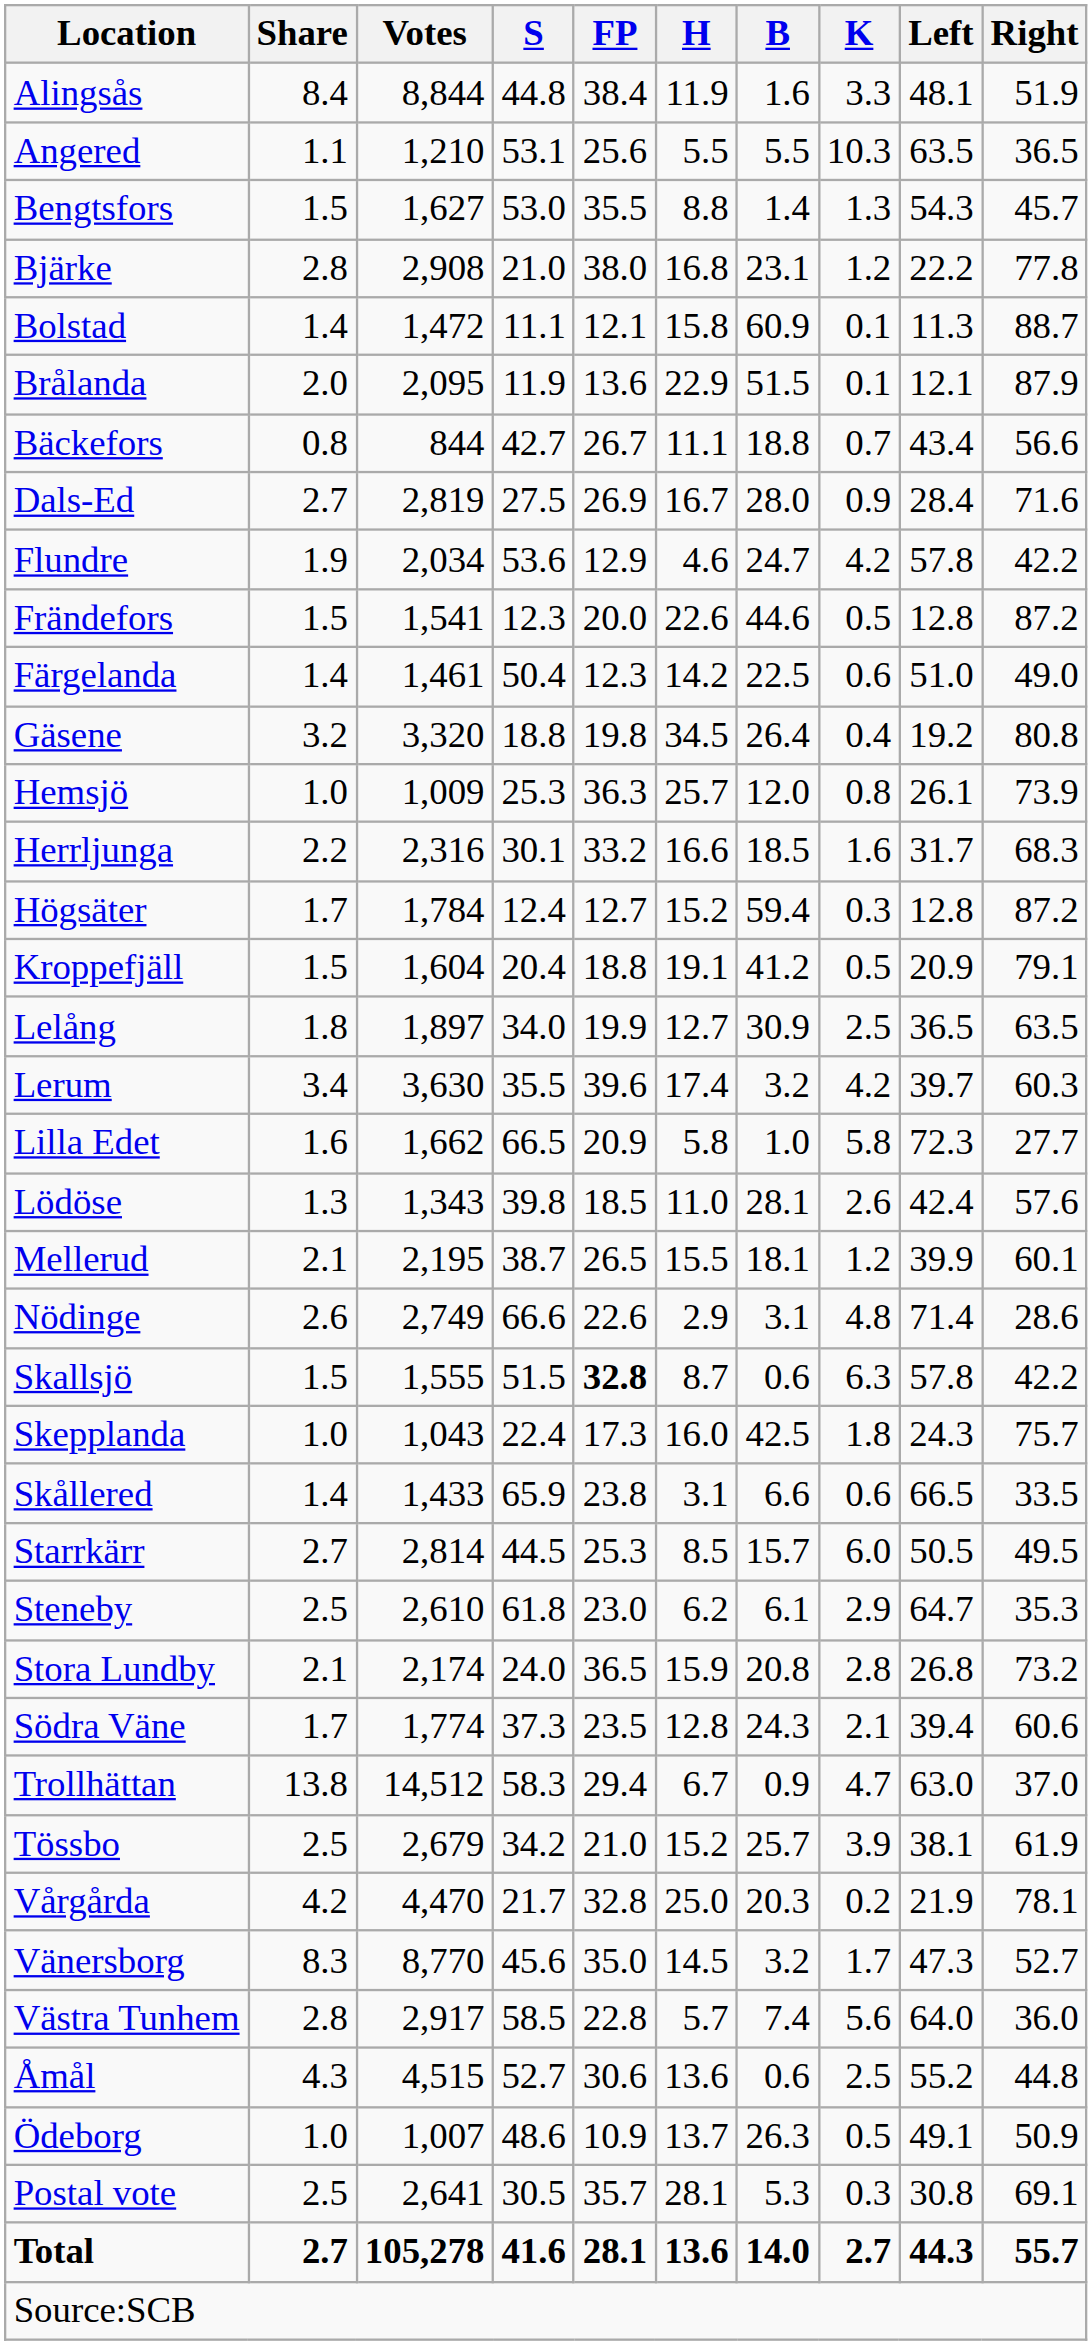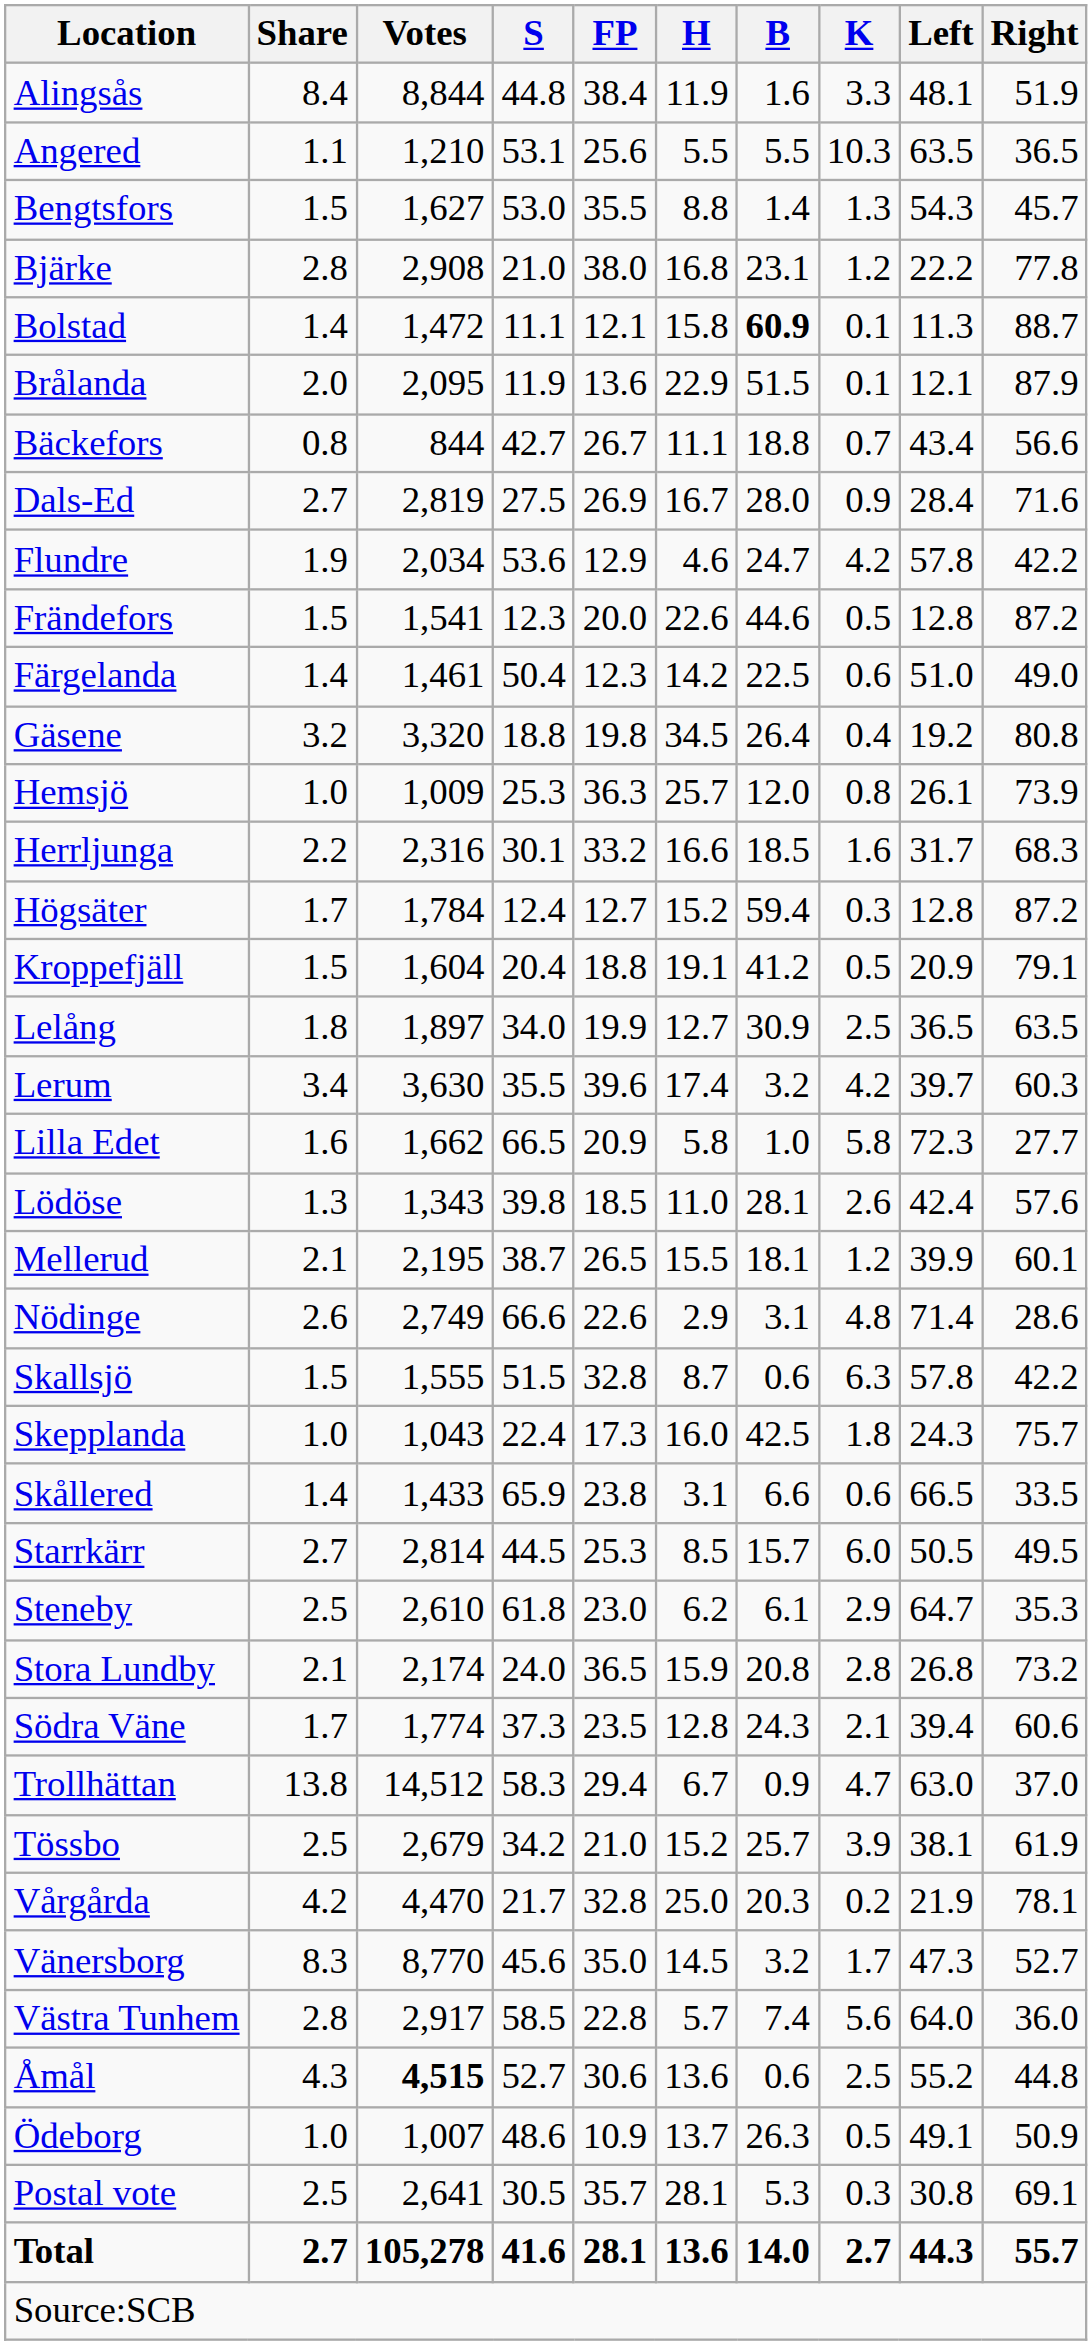 <table class="wikitable sortable" style=text-align:right>
 <tr>
 <th>Location</th>
 <th>Share</th>
 <th>Votes</th>
 <th><a href='#'>S</a></th>
 <th><a href='#'>FP</a></th>
 <th><a href='#'>H</a></th>
 <th><a href='#'>B</a></th>
 <th><a href='#'>K</a></th>
 <th>Left</th>
 <th>Right</th>
 </tr>
 <tr>
 <td align=left><a href='#'>Alingsås</a></td>
 <td>8.4</td>
 <td>8,844</td>
 <td>44.8</td>
 <td>38.4</td>
 <td>11.9</td>
 <td>1.6</td>
 <td>3.3</td>
 <td>48.1</td>
 <td>51.9</td>
 </tr>
 <tr>
 <td align=left><a href='#'>Angered</a></td>
 <td>1.1</td>
 <td>1,210</td>
 <td>53.1</td>
 <td>25.6</td>
 <td>5.5</td>
 <td>5.5</td>
 <td>10.3</td>
 <td>63.5</td>
 <td>36.5</td>
 </tr>
 <tr>
 <td align=left><a href='#'>Bengtsfors</a></td>
 <td>1.5</td>
 <td>1,627</td>
 <td>53.0</td>
 <td>35.5</td>
 <td>8.8</td>
 <td>1.4</td>
 <td>1.3</td>
 <td>54.3</td>
 <td>45.7</td>
 </tr>
 <tr>
 <td align=left><a href='#'>Bjärke</a></td>
 <td>2.8</td>
 <td>2,908</td>
 <td>21.0</td>
 <td>38.0</td>
 <td>16.8</td>
 <td>23.1</td>
 <td>1.2</td>
 <td>22.2</td>
 <td>77.8</td>
 </tr>
 <tr>
 <td align=left><a href='#'>Bolstad</a></td>
 <td>1.4</td>
 <td>1,472</td>
 <td>11.1</td>
 <td>12.1</td>
 <td>15.8</td>
-<td>60.9</td>
+<td><strong>60.9</strong></td>
 <td>0.1</td>
 <td>11.3</td>
 <td>88.7</td>
 </tr>
 <tr>
 <td align=left><a href='#'>Brålanda</a></td>
 <td>2.0</td>
 <td>2,095</td>
 <td>11.9</td>
 <td>13.6</td>
 <td>22.9</td>
 <td>51.5</td>
 <td>0.1</td>
 <td>12.1</td>
 <td>87.9</td>
 </tr>
 <tr>
 <td align=left><a href='#'>Bäckefors</a></td>
 <td>0.8</td>
 <td>844</td>
 <td>42.7</td>
 <td>26.7</td>
 <td>11.1</td>
 <td>18.8</td>
 <td>0.7</td>
 <td>43.4</td>
 <td>56.6</td>
 </tr>
 <tr>
 <td align=left><a href='#'>Dals-Ed</a></td>
 <td>2.7</td>
 <td>2,819</td>
 <td>27.5</td>
 <td>26.9</td>
 <td>16.7</td>
 <td>28.0</td>
 <td>0.9</td>
 <td>28.4</td>
 <td>71.6</td>
 </tr>
 <tr>
 <td align=left><a href='#'>Flundre</a></td>
 <td>1.9</td>
 <td>2,034</td>
 <td>53.6</td>
 <td>12.9</td>
 <td>4.6</td>
 <td>24.7</td>
 <td>4.2</td>
 <td>57.8</td>
 <td>42.2</td>
 </tr>
 <tr>
 <td align=left><a href='#'>Frändefors</a></td>
 <td>1.5</td>
 <td>1,541</td>
 <td>12.3</td>
 <td>20.0</td>
 <td>22.6</td>
 <td>44.6</td>
 <td>0.5</td>
 <td>12.8</td>
 <td>87.2</td>
 </tr>
 <tr>
 <td align=left><a href='#'>Färgelanda</a></td>
 <td>1.4</td>
 <td>1,461</td>
 <td>50.4</td>
 <td>12.3</td>
 <td>14.2</td>
 <td>22.5</td>
 <td>0.6</td>
 <td>51.0</td>
 <td>49.0</td>
 </tr>
 <tr>
 <td align=left><a href='#'>Gäsene</a></td>
 <td>3.2</td>
 <td>3,320</td>
 <td>18.8</td>
 <td>19.8</td>
 <td>34.5</td>
 <td>26.4</td>
 <td>0.4</td>
 <td>19.2</td>
 <td>80.8</td>
 </tr>
 <tr>
 <td align=left><a href='#'>Hemsjö</a></td>
 <td>1.0</td>
 <td>1,009</td>
 <td>25.3</td>
 <td>36.3</td>
 <td>25.7</td>
 <td>12.0</td>
 <td>0.8</td>
 <td>26.1</td>
 <td>73.9</td>
 </tr>
 <tr>
 <td align=left><a href='#'>Herrljunga</a></td>
 <td>2.2</td>
 <td>2,316</td>
 <td>30.1</td>
 <td>33.2</td>
 <td>16.6</td>
 <td>18.5</td>
 <td>1.6</td>
 <td>31.7</td>
 <td>68.3</td>
 </tr>
 <tr>
 <td align=left><a href='#'>Högsäter</a></td>
 <td>1.7</td>
 <td>1,784</td>
 <td>12.4</td>
 <td>12.7</td>
 <td>15.2</td>
 <td>59.4</td>
 <td>0.3</td>
 <td>12.8</td>
 <td>87.2</td>
 </tr>
 <tr>
 <td align=left><a href='#'>Kroppefjäll</a></td>
 <td>1.5</td>
 <td>1,604</td>
 <td>20.4</td>
 <td>18.8</td>
 <td>19.1</td>
 <td>41.2</td>
 <td>0.5</td>
 <td>20.9</td>
 <td>79.1</td>
 </tr>
 <tr>
 <td align=left><a href='#'>Lelång</a></td>
 <td>1.8</td>
 <td>1,897</td>
 <td>34.0</td>
 <td>19.9</td>
 <td>12.7</td>
 <td>30.9</td>
 <td>2.5</td>
 <td>36.5</td>
 <td>63.5</td>
 </tr>
 <tr>
 <td align=left><a href='#'>Lerum</a></td>
 <td>3.4</td>
 <td>3,630</td>
 <td>35.5</td>
 <td>39.6</td>
 <td>17.4</td>
 <td>3.2</td>
 <td>4.2</td>
 <td>39.7</td>
 <td>60.3</td>
 </tr>
 <tr>
 <td align=left><a href='#'>Lilla Edet</a></td>
 <td>1.6</td>
 <td>1,662</td>
 <td>66.5</td>
 <td>20.9</td>
 <td>5.8</td>
 <td>1.0</td>
 <td>5.8</td>
 <td>72.3</td>
 <td>27.7</td>
 </tr>
 <tr>
 <td align=left><a href='#'>Lödöse</a></td>
 <td>1.3</td>
 <td>1,343</td>
 <td>39.8</td>
 <td>18.5</td>
 <td>11.0</td>
 <td>28.1</td>
 <td>2.6</td>
 <td>42.4</td>
 <td>57.6</td>
 </tr>
 <tr>
 <td align=left><a href='#'>Mellerud</a></td>
 <td>2.1</td>
 <td>2,195</td>
 <td>38.7</td>
 <td>26.5</td>
 <td>15.5</td>
 <td>18.1</td>
 <td>1.2</td>
 <td>39.9</td>
 <td>60.1</td>
 </tr>
 <tr>
 <td align=left><a href='#'>Nödinge</a></td>
 <td>2.6</td>
 <td>2,749</td>
 <td>66.6</td>
 <td>22.6</td>
 <td>2.9</td>
 <td>3.1</td>
 <td>4.8</td>
 <td>71.4</td>
 <td>28.6</td>
 </tr>
 <tr>
 <td align=left><a href='#'>Skallsjö</a></td>
 <td>1.5</td>
 <td>1,555</td>
 <td>51.5</td>
-<td><strong>32.8</strong></td>
+<td>32.8</td>
 <td>8.7</td>
 <td>0.6</td>
 <td>6.3</td>
 <td>57.8</td>
 <td>42.2</td>
 </tr>
 <tr>
 <td align=left><a href='#'>Skepplanda</a></td>
 <td>1.0</td>
 <td>1,043</td>
 <td>22.4</td>
 <td>17.3</td>
 <td>16.0</td>
 <td>42.5</td>
 <td>1.8</td>
 <td>24.3</td>
 <td>75.7</td>
 </tr>
 <tr>
 <td align=left><a href='#'>Skållered</a></td>
 <td>1.4</td>
 <td>1,433</td>
 <td>65.9</td>
 <td>23.8</td>
 <td>3.1</td>
 <td>6.6</td>
 <td>0.6</td>
 <td>66.5</td>
 <td>33.5</td>
 </tr>
 <tr>
 <td align=left><a href='#'>Starrkärr</a></td>
 <td>2.7</td>
 <td>2,814</td>
 <td>44.5</td>
 <td>25.3</td>
 <td>8.5</td>
 <td>15.7</td>
 <td>6.0</td>
 <td>50.5</td>
 <td>49.5</td>
 </tr>
 <tr>
 <td align=left><a href='#'>Steneby</a></td>
 <td>2.5</td>
 <td>2,610</td>
 <td>61.8</td>
 <td>23.0</td>
 <td>6.2</td>
 <td>6.1</td>
 <td>2.9</td>
 <td>64.7</td>
 <td>35.3</td>
 </tr>
 <tr>
 <td align=left><a href='#'>Stora Lundby</a></td>
 <td>2.1</td>
 <td>2,174</td>
 <td>24.0</td>
 <td>36.5</td>
 <td>15.9</td>
 <td>20.8</td>
 <td>2.8</td>
 <td>26.8</td>
 <td>73.2</td>
 </tr>
 <tr>
 <td align=left><a href='#'>Södra Väne</a></td>
 <td>1.7</td>
 <td>1,774</td>
 <td>37.3</td>
 <td>23.5</td>
 <td>12.8</td>
 <td>24.3</td>
 <td>2.1</td>
 <td>39.4</td>
 <td>60.6</td>
 </tr>
 <tr>
 <td align=left><a href='#'>Trollhättan</a></td>
 <td>13.8</td>
 <td>14,512</td>
 <td>58.3</td>
 <td>29.4</td>
 <td>6.7</td>
 <td>0.9</td>
 <td>4.7</td>
 <td>63.0</td>
 <td>37.0</td>
 </tr>
 <tr>
 <td align=left><a href='#'>Tössbo</a></td>
 <td>2.5</td>
 <td>2,679</td>
 <td>34.2</td>
 <td>21.0</td>
 <td>15.2</td>
 <td>25.7</td>
 <td>3.9</td>
 <td>38.1</td>
 <td>61.9</td>
 </tr>
 <tr>
 <td align=left><a href='#'>Vårgårda</a></td>
 <td>4.2</td>
 <td>4,470</td>
 <td>21.7</td>
 <td>32.8</td>
 <td>25.0</td>
 <td>20.3</td>
 <td>0.2</td>
 <td>21.9</td>
 <td>78.1</td>
 </tr>
 <tr>
 <td align=left><a href='#'>Vänersborg</a></td>
 <td>8.3</td>
 <td>8,770</td>
 <td>45.6</td>
 <td>35.0</td>
 <td>14.5</td>
 <td>3.2</td>
 <td>1.7</td>
 <td>47.3</td>
 <td>52.7</td>
 </tr>
 <tr>
 <td align=left><a href='#'>Västra Tunhem</a></td>
 <td>2.8</td>
 <td>2,917</td>
 <td>58.5</td>
 <td>22.8</td>
 <td>5.7</td>
 <td>7.4</td>
 <td>5.6</td>
 <td>64.0</td>
 <td>36.0</td>
 </tr>
 <tr>
 <td align=left><a href='#'>Åmål</a></td>
 <td>4.3</td>
-<td>4,515</td>
+<td><strong>4,515</strong></td>
 <td>52.7</td>
 <td>30.6</td>
 <td>13.6</td>
 <td>0.6</td>
 <td>2.5</td>
 <td>55.2</td>
 <td>44.8</td>
 </tr>
 <tr>
 <td align=left><a href='#'>Ödeborg</a></td>
 <td>1.0</td>
 <td>1,007</td>
 <td>48.6</td>
 <td>10.9</td>
 <td>13.7</td>
 <td>26.3</td>
 <td>0.5</td>
 <td>49.1</td>
 <td>50.9</td>
 </tr>
 <tr>
 <td align=left><a href='#'>Postal vote</a></td>
 <td>2.5</td>
 <td>2,641</td>
 <td>30.5</td>
 <td>35.7</td>
 <td>28.1</td>
 <td>5.3</td>
 <td>0.3</td>
 <td>30.8</td>
 <td>69.1</td>
 </tr>
 <tr>
 <td align=left><strong>Total</strong></td>
 <td><strong>2.7</strong></td>
 <td><strong>105,278</strong></td>
 <td><strong>41.6</strong></td>
 <td><strong>28.1</strong></td>
 <td><strong>13.6</strong></td>
 <td><strong>14.0</strong></td>
 <td><strong>2.7</strong></td>
 <td><strong>44.3</strong></td>
 <td><strong>55.7</strong></td>
 </tr>
 <tr>
 <td align=left colspan=10>Source:SCB </td>
 </tr>
 </table>
